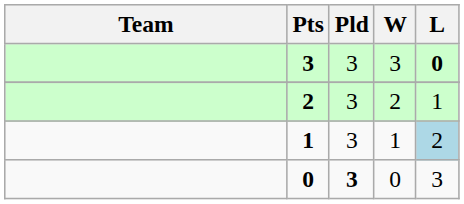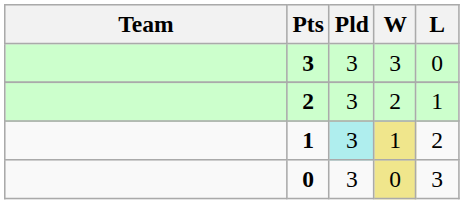 <table class=wikitable style="text-align:center; font-size:95%">
 <tr>
 <th width=175>Team</th>
 <th width=20>Pts</th>
 <th width=20>Pld</th>
 <th width=20>W</th>
 <th width=20>L</th>
 </tr>
 <tr bgcolor=ccffcc>
 <td style="text-align:left"></td>
 <td><strong>3</strong></td>
 <td>3</td>
 <td>3</td>
-<td><strong>0</strong></td>
+<td>0</td>
 </tr>
 <tr>
 </tr>
 <tr bgcolor=ccffcc>
 <td style="text-align:left"></td>
 <td><strong>2</strong></td>
 <td>3</td>
 <td>2</td>
 <td>1</td>
 </tr>
 <tr>
 <td style="text-align:left"></td>
 <td><strong>1</strong></td>
-<td>3</td>
-<td>1</td>
-<td style="background: lightblue;">2</td>
+<td style="background: paleturquoise;">3</td>
+<td style="background: khaki;">1</td>
+<td>2</td>
 </tr>
 <tr>
 <td style="text-align:left"></td>
 <td><strong>0</strong></td>
-<td><strong>3</strong></td>
-<td>0</td>
+<td>3</td>
+<td style="background: khaki;">0</td>
 <td>3</td>
 </tr>
 </table>
